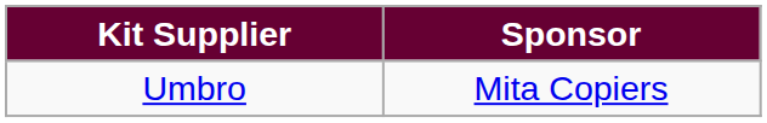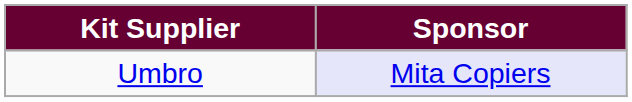 <table class="wikitable"  style="text-align:center; font-size:90%; ">
 <tr>
 <th style="background:#660033;color:#FFFFFF; width:150px;">Kit Supplier</th>
 <th style="background:#660033;color:#FFFFFF; width:150px;">Sponsor</th>
 </tr>
 <tr>
 <td><a href='#'>Umbro</a></td>
-<td><a href='#'>Mita Copiers</a></td>
+<td style="background: lavender;"><a href='#'>Mita Copiers</a></td>
 </tr>
 </table>
